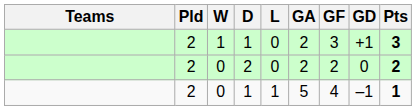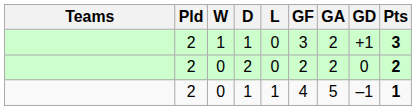 <table class="wikitable" style="text-align: center;">
 <tr>
 <th width=165>Teams</th>
 <th width=20>Pld</th>
 <th width=20>W</th>
 <th width=20>D</th>
 <th width=20>L</th>
+<th width=20>GF</th>
 <th width=20>GA</th>
-<th width=20>GF</th>
 <th width=20>GD</th>
 <th width=20>Pts</th>
 </tr>
 <tr align=center style="background:#ccffcc;">
 <td style="text-align:left;"></td>
 <td>2</td>
 <td>1</td>
 <td>1</td>
 <td>0</td>
+<td>3</td>
 <td>2</td>
-<td>3</td>
 <td>+1</td>
 <td><strong>3</strong></td>
 </tr>
 <tr align=center style="background:#ccffcc;">
 <td style="text-align:left;"></td>
 <td>2</td>
 <td>0</td>
 <td>2</td>
 <td>0</td>
 <td>2</td>
 <td>2</td>
 <td>0</td>
 <td><strong>2</strong></td>
 </tr>
 <tr align=center>
 <td style="text-align:left;"></td>
 <td>2</td>
 <td>0</td>
 <td>1</td>
 <td>1</td>
+<td>4</td>
 <td>5</td>
-<td>4</td>
 <td>–1</td>
 <td><strong>1</strong></td>
 </tr>
 </table>
